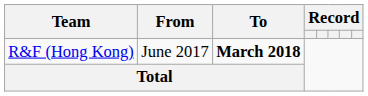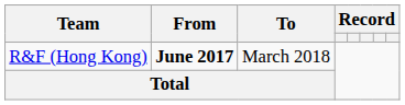 <table class="wikitable" style="text-align: center">
 <tr>
 <th rowspan="2">Team</th>
 <th rowspan="2">From</th>
 <th rowspan="2">To</th>
 <th colspan="5">Record</th>
 </tr>
 <tr>
 <th></th>
 <th></th>
 <th></th>
 <th></th>
 <th></th>
 </tr>
 <tr>
 <td><a href='#'>R&F (Hong Kong)</a></td>
-<td>June 2017</td>
-<td><strong>March 2018<br></strong></td>
+<td><strong>June 2017</strong></td>
+<td>March 2018<br></td>
 </tr>
 <tr>
 <th colspan="3">Total<br></th>
 </tr>
 </table>
